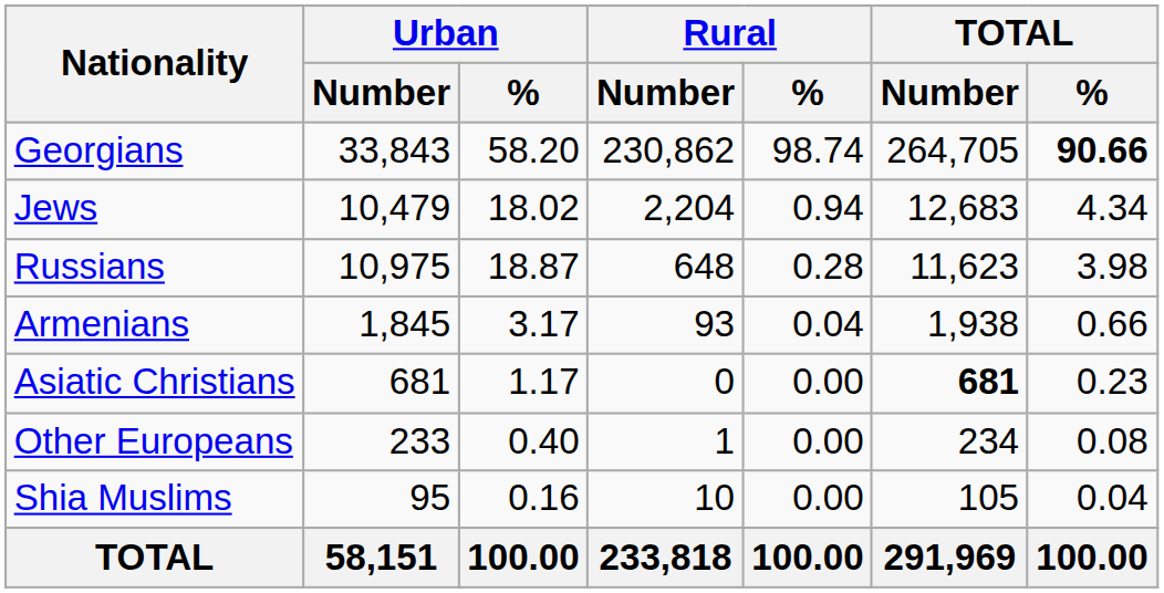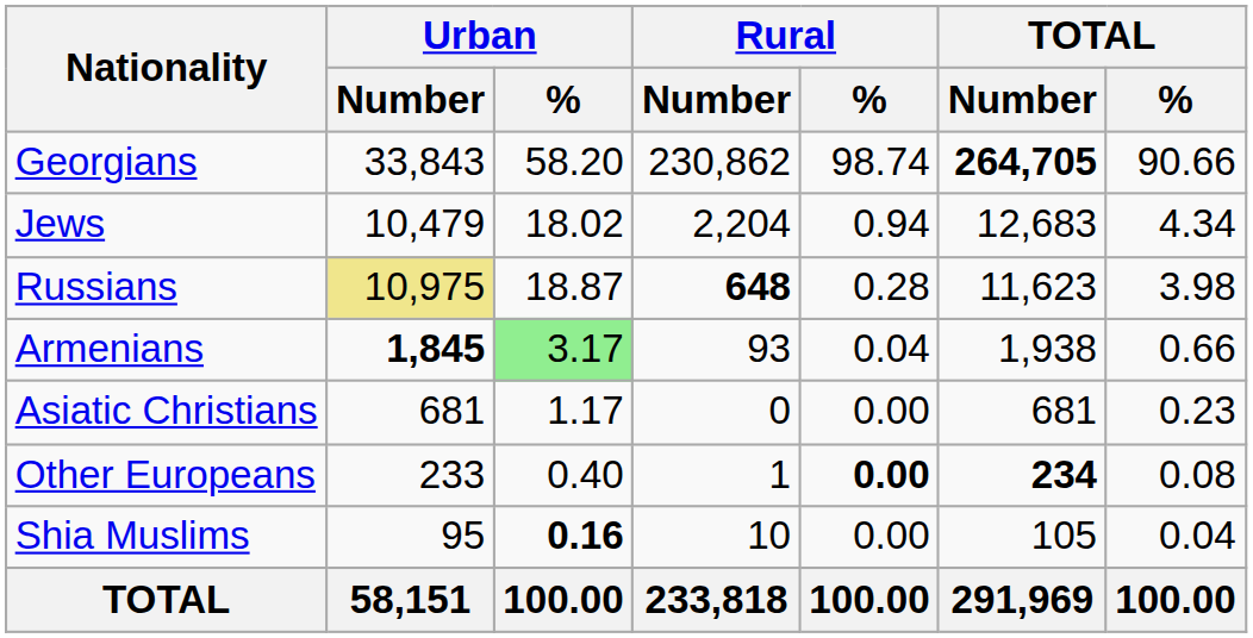 <table class="wikitable sortable">
 <tr>
 <th rowspan="2">Nationality</th>
 <th colspan="2"><a href='#'>Urban</a></th>
 <th colspan="2"><a href='#'>Rural</a></th>
 <th colspan="2">TOTAL</th>
 </tr>
 <tr>
 <th>Number</th>
 <th>%</th>
 <th>Number</th>
 <th>%</th>
 <th>Number</th>
 <th>%</th>
 </tr>
 <tr>
 <td><a href='#'>Georgians</a></td>
 <td align="right">33,843</td>
 <td align="right">58.20</td>
 <td align="right">230,862</td>
 <td align="right">98.74</td>
-<td align="right">264,705</td>
-<td align="right"><strong>90.66</strong></td>
+<td align="right"><strong>264,705</strong></td>
+<td align="right">90.66</td>
 </tr>
 <tr>
 <td><a href='#'>Jews</a></td>
 <td align="right">10,479</td>
 <td align="right">18.02</td>
 <td align="right">2,204</td>
 <td align="right">0.94</td>
 <td align="right">12,683</td>
 <td align="right">4.34</td>
 </tr>
 <tr>
 <td><a href='#'>Russians</a></td>
-<td align="right">10,975</td>
+<td align="right" style="background: khaki;">10,975</td>
 <td align="right">18.87</td>
-<td align="right">648</td>
+<td align="right"><strong>648</strong></td>
 <td align="right">0.28</td>
 <td align="right">11,623</td>
 <td align="right">3.98</td>
 </tr>
 <tr>
 <td><a href='#'>Armenians</a></td>
-<td align="right">1,845</td>
-<td align="right">3.17</td>
+<td align="right"><strong>1,845</strong></td>
+<td align="right" style="background: lightgreen;">3.17</td>
 <td align="right">93</td>
 <td align="right">0.04</td>
 <td align="right">1,938</td>
 <td align="right">0.66</td>
 </tr>
 <tr>
 <td><a href='#'>Asiatic Christians</a></td>
 <td align="right">681</td>
 <td align="right">1.17</td>
 <td align="right">0</td>
 <td align="right">0.00</td>
-<td align="right"><strong>681</strong></td>
+<td align="right">681</td>
 <td align="right">0.23</td>
 </tr>
 <tr>
 <td><a href='#'>Other Europeans</a></td>
 <td align="right">233</td>
 <td align="right">0.40</td>
 <td align="right">1</td>
-<td align="right">0.00</td>
-<td align="right">234</td>
+<td align="right"><strong>0.00</strong></td>
+<td align="right"><strong>234</strong></td>
 <td align="right">0.08</td>
 </tr>
 <tr>
 <td><a href='#'>Shia Muslims</a></td>
 <td align="right">95</td>
-<td align="right">0.16</td>
+<td align="right"><strong>0.16</strong></td>
 <td align="right">10</td>
 <td align="right">0.00</td>
 <td align="right">105</td>
 <td align="right">0.04</td>
 </tr>
 <tr>
 <th>TOTAL</th>
 <th>58,151</th>
 <th>100.00</th>
 <th>233,818</th>
 <th>100.00</th>
 <th>291,969</th>
 <th>100.00</th>
 </tr>
 </table>
